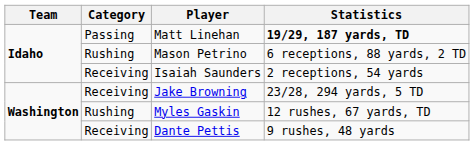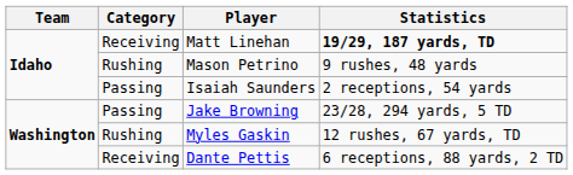 <table class="wikitable" style="float: right;">
 <tr>
 <th>Team</th>
 <th>Category</th>
 <th>Player</th>
 <th>Statistics</th>
 </tr>
 <tr>
 <td rowspan=3><strong>Idaho</strong></td>
-<td>Passing</td>
+<td>Receiving</td>
 <td>Matt Linehan</td>
 <td><strong>19/29, 187 yards, TD</strong></td>
 </tr>
 <tr>
 <td>Rushing</td>
 <td>Mason Petrino</td>
-<td>6 receptions, 88 yards, 2 TD</td>
+<td>9 rushes, 48 yards</td>
 </tr>
 <tr>
-<td>Receiving</td>
+<td>Passing</td>
 <td>Isaiah Saunders</td>
 <td>2 receptions, 54 yards</td>
 </tr>
 <tr>
 <td rowspan=3><strong>Washington</strong></td>
-<td>Receiving</td>
+<td>Passing</td>
 <td><a href='#'>Jake Browning</a></td>
 <td>23/28, 294 yards, 5 TD</td>
 </tr>
 <tr>
 <td>Rushing</td>
 <td><a href='#'>Myles Gaskin</a></td>
 <td>12 rushes, 67 yards, TD</td>
 </tr>
 <tr>
 <td>Receiving</td>
 <td><a href='#'>Dante Pettis</a></td>
-<td>9 rushes, 48 yards</td>
+<td>6 receptions, 88 yards, 2 TD</td>
 </tr>
 </table>
